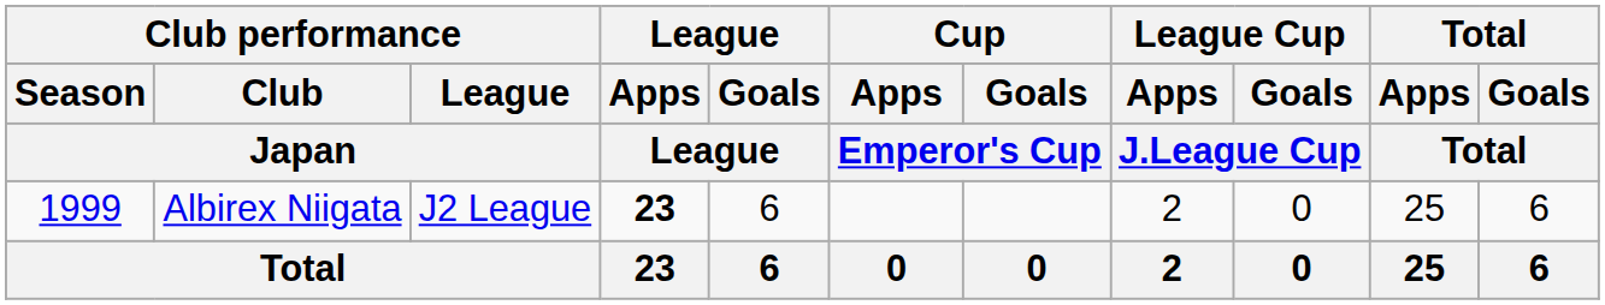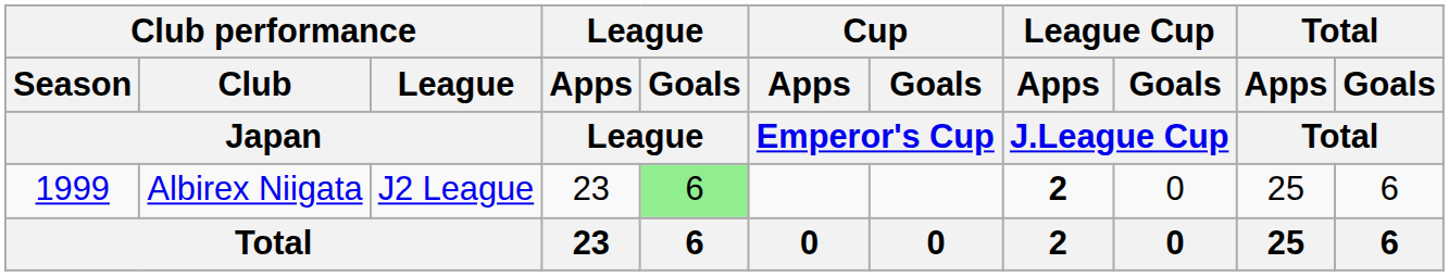 <table class="wikitable" style="text-align:center;">
 <tr>
 <th colspan=3>Club performance</th>
 <th colspan=2>League</th>
 <th colspan=2>Cup</th>
 <th colspan=2>League Cup</th>
 <th colspan=2>Total</th>
 </tr>
 <tr>
 <th>Season</th>
 <th>Club</th>
 <th>League</th>
 <th>Apps</th>
 <th>Goals</th>
 <th>Apps</th>
 <th>Goals</th>
 <th>Apps</th>
 <th>Goals</th>
 <th>Apps</th>
 <th>Goals</th>
 </tr>
 <tr>
 <th colspan=3>Japan</th>
 <th colspan=2>League</th>
 <th colspan=2><a href='#'>Emperor's Cup</a></th>
 <th colspan=2><a href='#'>J.League Cup</a></th>
 <th colspan=2>Total</th>
 </tr>
 <tr>
 <td><a href='#'>1999</a></td>
 <td><a href='#'>Albirex Niigata</a></td>
 <td><a href='#'>J2 League</a></td>
-<td><strong>23</strong></td>
-<td>6</td>
+<td>23</td>
+<td style="background: lightgreen;">6</td>
 <td></td>
 <td></td>
-<td>2</td>
+<td><strong>2</strong></td>
 <td>0</td>
 <td>25</td>
 <td>6</td>
 </tr>
 <tr>
 <th colspan=3>Total</th>
 <th>23</th>
 <th>6</th>
 <th>0</th>
 <th>0</th>
 <th>2</th>
 <th>0</th>
 <th>25</th>
 <th>6</th>
 </tr>
 </table>
